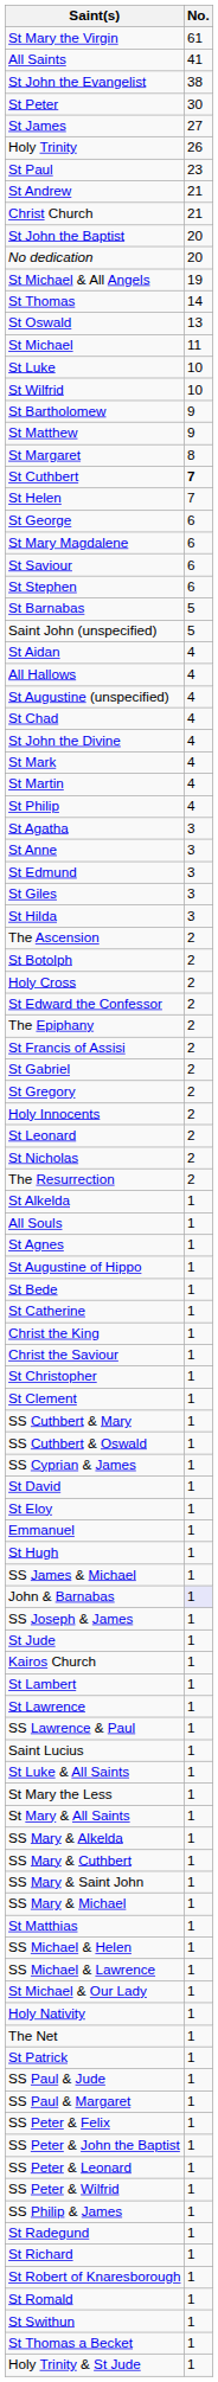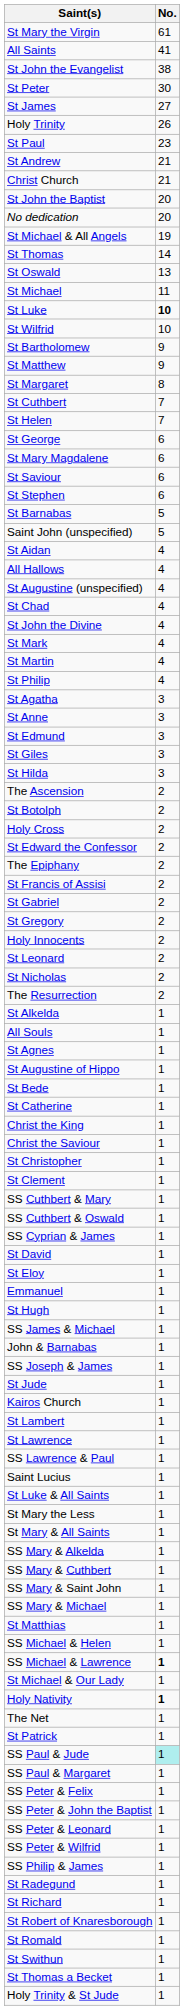 <table class="wikitable">
 <tr>
 <th>Saint(s)</th>
 <th>No.</th>
 </tr>
 <tr>
 <td><a href='#'>St Mary the Virgin</a></td>
 <td>61</td>
 </tr>
 <tr>
 <td><a href='#'>All Saints</a></td>
 <td>41</td>
 </tr>
 <tr>
 <td><a href='#'>St John the Evangelist</a></td>
 <td>38</td>
 </tr>
 <tr>
 <td><a href='#'>St Peter</a></td>
 <td>30</td>
 </tr>
 <tr>
 <td><a href='#'>St James</a></td>
 <td>27</td>
 </tr>
 <tr>
 <td>Holy <a href='#'>Trinity</a></td>
 <td>26</td>
 </tr>
 <tr>
 <td><a href='#'>St Paul</a></td>
 <td>23</td>
 </tr>
 <tr>
 <td><a href='#'>St Andrew</a></td>
 <td>21</td>
 </tr>
 <tr>
 <td><a href='#'>Christ</a> Church</td>
 <td>21</td>
 </tr>
 <tr>
 <td><a href='#'>St John the Baptist</a></td>
 <td>20</td>
 </tr>
 <tr>
 <td><em>No dedication</em></td>
 <td>20</td>
 </tr>
 <tr>
 <td><a href='#'>St Michael</a> & All <a href='#'>Angels</a></td>
 <td>19</td>
 </tr>
 <tr>
 <td><a href='#'>St Thomas</a></td>
 <td>14</td>
 </tr>
 <tr>
 <td><a href='#'>St Oswald</a></td>
 <td>13</td>
 </tr>
 <tr>
 <td><a href='#'>St Michael</a></td>
 <td>11</td>
 </tr>
 <tr>
 <td><a href='#'>St Luke</a></td>
-<td>10</td>
+<td><strong>10</strong></td>
 </tr>
 <tr>
 <td><a href='#'>St Wilfrid</a></td>
 <td>10</td>
 </tr>
 <tr>
 <td><a href='#'>St Bartholomew</a></td>
 <td>9</td>
 </tr>
 <tr>
 <td><a href='#'>St Matthew</a></td>
 <td>9</td>
 </tr>
 <tr>
 <td><a href='#'>St Margaret</a></td>
 <td>8</td>
 </tr>
 <tr>
 <td><a href='#'>St Cuthbert</a></td>
-<td><strong>7</strong></td>
+<td>7</td>
 </tr>
 <tr>
 <td><a href='#'>St Helen</a></td>
 <td>7</td>
 </tr>
 <tr>
 <td><a href='#'>St George</a></td>
 <td>6</td>
 </tr>
 <tr>
 <td><a href='#'>St Mary Magdalene</a></td>
 <td>6</td>
 </tr>
 <tr>
 <td><a href='#'>St Saviour</a></td>
 <td>6</td>
 </tr>
 <tr>
 <td><a href='#'>St Stephen</a></td>
 <td>6</td>
 </tr>
 <tr>
 <td><a href='#'>St Barnabas</a></td>
 <td>5</td>
 </tr>
 <tr>
 <td>Saint John (unspecified)</td>
 <td>5</td>
 </tr>
 <tr>
 <td><a href='#'>St Aidan</a></td>
 <td>4</td>
 </tr>
 <tr>
 <td><a href='#'>All Hallows</a></td>
 <td>4</td>
 </tr>
 <tr>
 <td><a href='#'>St Augustine</a> (unspecified)</td>
 <td>4</td>
 </tr>
 <tr>
 <td><a href='#'>St Chad</a></td>
 <td>4</td>
 </tr>
 <tr>
 <td><a href='#'>St John the Divine</a></td>
 <td>4</td>
 </tr>
 <tr>
 <td><a href='#'>St Mark</a></td>
 <td>4</td>
 </tr>
 <tr>
 <td><a href='#'>St Martin</a></td>
 <td>4</td>
 </tr>
 <tr>
 <td><a href='#'>St Philip</a></td>
 <td>4</td>
 </tr>
 <tr>
 <td><a href='#'>St Agatha</a></td>
 <td>3</td>
 </tr>
 <tr>
 <td><a href='#'>St Anne</a></td>
 <td>3</td>
 </tr>
 <tr>
 <td><a href='#'>St Edmund</a></td>
 <td>3</td>
 </tr>
 <tr>
 <td><a href='#'>St Giles</a></td>
 <td>3</td>
 </tr>
 <tr>
 <td><a href='#'>St Hilda</a></td>
 <td>3</td>
 </tr>
 <tr>
 <td>The <a href='#'>Ascension</a></td>
 <td>2</td>
 </tr>
 <tr>
 <td><a href='#'>St Botolph</a></td>
 <td>2</td>
 </tr>
 <tr>
 <td><a href='#'>Holy Cross</a></td>
 <td>2</td>
 </tr>
 <tr>
 <td><a href='#'>St Edward the Confessor</a></td>
 <td>2</td>
 </tr>
 <tr>
 <td>The <a href='#'>Epiphany</a></td>
 <td>2</td>
 </tr>
 <tr>
 <td><a href='#'>St Francis of Assisi</a></td>
 <td>2</td>
 </tr>
 <tr>
 <td><a href='#'>St Gabriel</a></td>
 <td>2</td>
 </tr>
 <tr>
 <td><a href='#'>St Gregory</a></td>
 <td>2</td>
 </tr>
 <tr>
 <td><a href='#'>Holy Innocents</a></td>
 <td>2</td>
 </tr>
 <tr>
 <td><a href='#'>St Leonard</a></td>
 <td>2</td>
 </tr>
 <tr>
 <td><a href='#'>St Nicholas</a></td>
 <td>2</td>
 </tr>
 <tr>
 <td>The <a href='#'>Resurrection</a></td>
 <td>2</td>
 </tr>
 <tr>
 <td><a href='#'>St Alkelda</a></td>
 <td>1</td>
 </tr>
 <tr>
 <td><a href='#'>All Souls</a></td>
 <td>1</td>
 </tr>
 <tr>
 <td><a href='#'>St Agnes</a></td>
 <td>1</td>
 </tr>
 <tr>
 <td><a href='#'>St Augustine of Hippo</a></td>
 <td>1</td>
 </tr>
 <tr>
 <td><a href='#'>St Bede</a></td>
 <td>1</td>
 </tr>
 <tr>
 <td><a href='#'>St Catherine</a></td>
 <td>1</td>
 </tr>
 <tr>
 <td><a href='#'>Christ the King</a></td>
 <td>1</td>
 </tr>
 <tr>
 <td><a href='#'>Christ the Saviour</a></td>
 <td>1</td>
 </tr>
 <tr>
 <td><a href='#'>St Christopher</a></td>
 <td>1</td>
 </tr>
 <tr>
 <td><a href='#'>St Clement</a></td>
 <td>1</td>
 </tr>
 <tr>
 <td>SS <a href='#'>Cuthbert</a> & <a href='#'>Mary</a></td>
 <td>1</td>
 </tr>
 <tr>
 <td>SS <a href='#'>Cuthbert</a> & <a href='#'>Oswald</a></td>
 <td>1</td>
 </tr>
 <tr>
 <td>SS <a href='#'>Cyprian</a> & <a href='#'>James</a></td>
 <td>1</td>
 </tr>
 <tr>
 <td><a href='#'>St David</a></td>
 <td>1</td>
 </tr>
 <tr>
 <td><a href='#'>St Eloy</a></td>
 <td>1</td>
 </tr>
 <tr>
 <td><a href='#'>Emmanuel</a></td>
 <td>1</td>
 </tr>
 <tr>
 <td><a href='#'>St Hugh</a></td>
 <td>1</td>
 </tr>
 <tr>
 <td>SS <a href='#'>James</a> & <a href='#'>Michael</a></td>
 <td>1</td>
 </tr>
 <tr>
 <td SS Saint John>John & <a href='#'>Barnabas</a></td>
-<td style="background: lavender;">1</td>
+<td>1</td>
 </tr>
 <tr>
 <td>SS <a href='#'>Joseph</a> & <a href='#'>James</a></td>
 <td>1</td>
 </tr>
 <tr>
 <td><a href='#'>St Jude</a></td>
 <td>1</td>
 </tr>
 <tr>
 <td><a href='#'>Kairos</a> Church</td>
 <td>1</td>
 </tr>
 <tr>
 <td><a href='#'>St Lambert</a></td>
 <td>1</td>
 </tr>
 <tr>
 <td><a href='#'>St Lawrence</a></td>
 <td>1</td>
 </tr>
 <tr>
 <td>SS <a href='#'>Lawrence</a> & <a href='#'>Paul</a></td>
 <td>1</td>
 </tr>
 <tr>
 <td>Saint Lucius</td>
 <td>1</td>
 </tr>
 <tr>
 <td><a href='#'>St Luke</a> & <a href='#'>All Saints</a></td>
 <td>1</td>
 </tr>
 <tr>
 <td>St Mary the Less</td>
 <td>1</td>
 </tr>
 <tr>
 <td>St <a href='#'>Mary</a> & <a href='#'>All Saints</a></td>
 <td>1</td>
 </tr>
 <tr>
 <td>SS <a href='#'>Mary</a> & <a href='#'>Alkelda</a></td>
 <td>1</td>
 </tr>
 <tr>
 <td>SS <a href='#'>Mary</a> & <a href='#'>Cuthbert</a></td>
 <td>1</td>
 </tr>
 <tr>
 <td>SS <a href='#'>Mary</a> & Saint John</td>
 <td>1</td>
 </tr>
 <tr>
 <td>SS <a href='#'>Mary</a> & <a href='#'>Michael</a></td>
 <td>1</td>
 </tr>
 <tr>
 <td><a href='#'>St Matthias</a></td>
 <td>1</td>
 </tr>
 <tr>
 <td>SS <a href='#'>Michael</a> & <a href='#'>Helen</a></td>
 <td>1</td>
 </tr>
 <tr>
 <td>SS <a href='#'>Michael</a> & <a href='#'>Lawrence</a></td>
-<td>1</td>
+<td><strong>1</strong></td>
 </tr>
 <tr>
 <td><a href='#'>St Michael</a> & <a href='#'>Our Lady</a></td>
 <td>1</td>
 </tr>
 <tr>
 <td><a href='#'>Holy Nativity</a></td>
-<td>1</td>
+<td><strong>1</strong></td>
 </tr>
 <tr>
 <td>The Net</td>
 <td>1</td>
 </tr>
 <tr>
 <td><a href='#'>St Patrick</a></td>
 <td>1</td>
 </tr>
 <tr>
 <td>SS <a href='#'>Paul</a> & <a href='#'>Jude</a></td>
-<td>1</td>
+<td style="background: paleturquoise;">1</td>
 </tr>
 <tr>
 <td>SS <a href='#'>Paul</a> & <a href='#'>Margaret</a></td>
 <td>1</td>
 </tr>
 <tr>
 <td>SS <a href='#'>Peter</a> & <a href='#'>Felix</a></td>
 <td>1</td>
 </tr>
 <tr>
 <td>SS <a href='#'>Peter</a> & <a href='#'>John the Baptist</a></td>
 <td>1</td>
 </tr>
 <tr>
 <td>SS <a href='#'>Peter</a> & <a href='#'>Leonard</a></td>
 <td>1</td>
 </tr>
 <tr>
 <td>SS <a href='#'>Peter</a> & <a href='#'>Wilfrid</a></td>
 <td>1</td>
 </tr>
 <tr>
 <td>SS <a href='#'>Philip</a> & <a href='#'>James</a></td>
 <td>1</td>
 </tr>
 <tr>
 <td><a href='#'>St Radegund</a></td>
 <td>1</td>
 </tr>
 <tr>
 <td><a href='#'>St Richard</a></td>
 <td>1</td>
 </tr>
 <tr>
 <td><a href='#'>St Robert of Knaresborough</a></td>
 <td>1</td>
 </tr>
 <tr>
 <td><a href='#'>St Romald</a></td>
 <td>1</td>
 </tr>
 <tr>
 <td><a href='#'>St Swithun</a></td>
 <td>1</td>
 </tr>
 <tr>
 <td><a href='#'>St Thomas a Becket</a></td>
 <td>1</td>
 </tr>
 <tr>
 <td>Holy <a href='#'>Trinity</a> & <a href='#'>St Jude</a></td>
 <td>1</td>
 </tr>
 </table>
